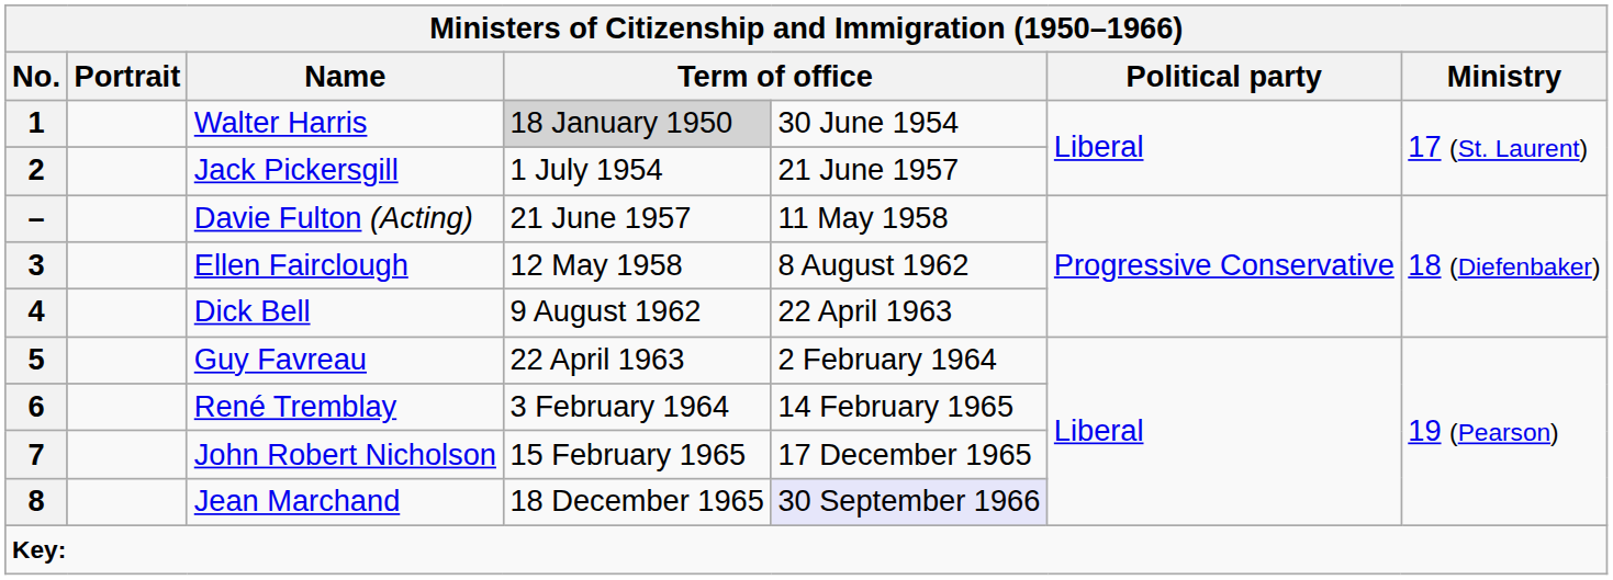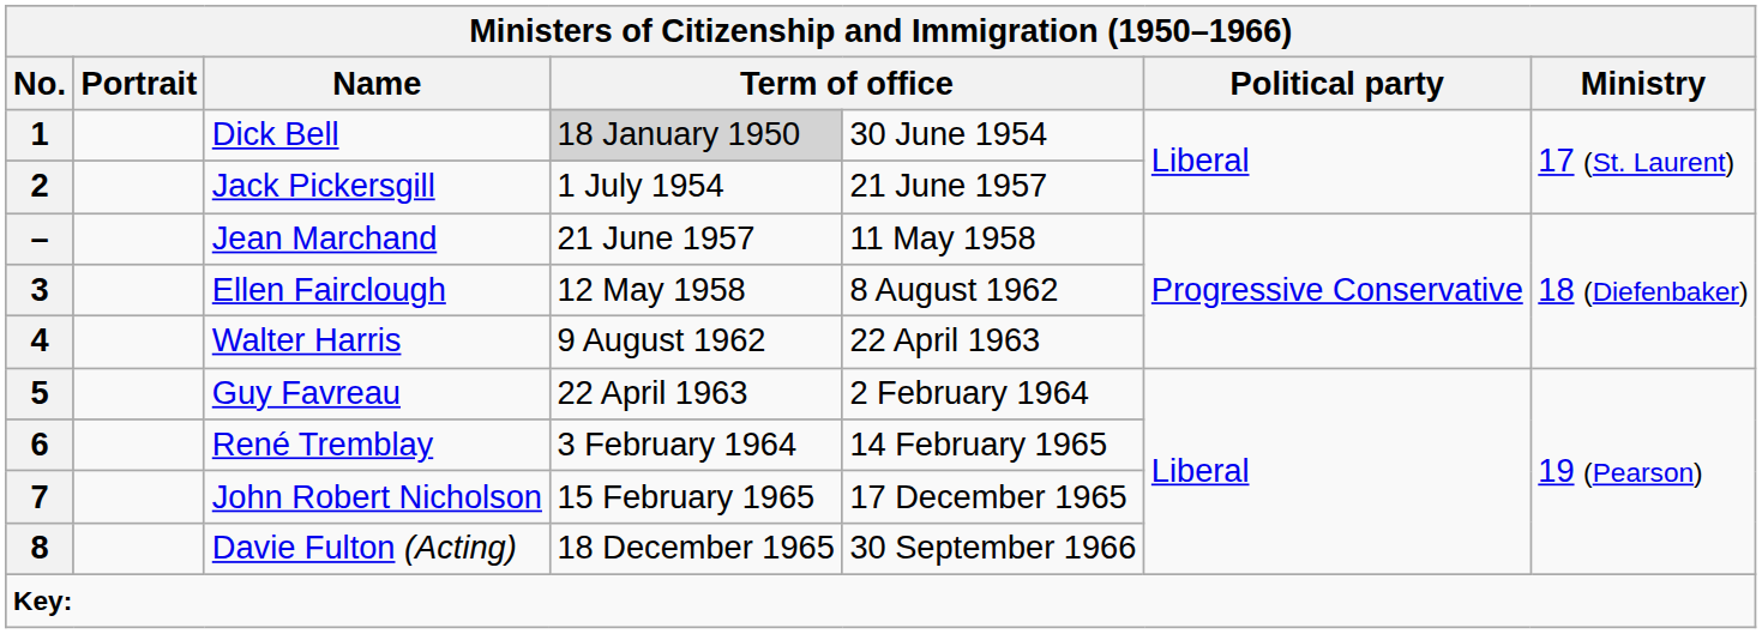 <table class="wikitable">
 <tr>
 <th colspan="7">Ministers of Citizenship and Immigration (1950–1966)</th>
 </tr>
 <tr>
 <th>No.</th>
 <th>Portrait</th>
 <th>Name</th>
 <th colspan="2">Term of office</th>
 <th>Political party</th>
 <th>Ministry</th>
 </tr>
 <tr>
 <th style="background:">1</th>
 <td></td>
-<td><a href='#'>Walter Harris</a></td>
+<td><a href='#'>Dick Bell</a></td>
 <td style="background: lightgrey;">18 January 1950</td>
 <td>30 June 1954</td>
 <td rowspan="2"><a href='#'>Liberal</a></td>
 <td rowspan="2"><a href='#'>17</a> <small>(<a href='#'>St. Laurent</a>)</small></td>
 </tr>
 <tr>
 <th style="background:">2</th>
 <td></td>
 <td><a href='#'>Jack Pickersgill</a></td>
 <td>1 July 1954</td>
 <td>21 June 1957</td>
 </tr>
 <tr>
 <th style="background:">–</th>
 <td></td>
-<td><a href='#'>Davie Fulton</a> <em>(Acting)</em></td>
+<td><a href='#'>Jean Marchand</a></td>
 <td>21 June 1957</td>
 <td>11 May 1958</td>
 <td rowspan="3"><a href='#'>Progressive Conservative</a></td>
 <td rowspan="3"><a href='#'>18</a> <small>(<a href='#'>Diefenbaker</a>)</small></td>
 </tr>
 <tr>
 <th style="background:">3</th>
 <td></td>
 <td><a href='#'>Ellen Fairclough</a></td>
 <td>12 May 1958</td>
 <td>8 August 1962</td>
 </tr>
 <tr>
 <th style="background:">4</th>
 <td></td>
-<td><a href='#'>Dick Bell</a></td>
+<td><a href='#'>Walter Harris</a></td>
 <td>9 August 1962</td>
 <td>22 April 1963</td>
 </tr>
 <tr>
 <th style="background:">5</th>
 <td></td>
 <td><a href='#'>Guy Favreau</a></td>
 <td>22 April 1963</td>
 <td>2 February 1964</td>
 <td rowspan="4"><a href='#'>Liberal</a></td>
 <td rowspan="4"><a href='#'>19</a> <small>(<a href='#'>Pearson</a>)</small></td>
 </tr>
 <tr>
 <th style="background:">6</th>
 <td></td>
 <td><a href='#'>René Tremblay</a></td>
 <td>3 February 1964</td>
 <td>14 February 1965</td>
 </tr>
 <tr>
 <th style="background:">7</th>
 <td></td>
 <td><a href='#'>John Robert Nicholson</a></td>
 <td>15 February 1965</td>
 <td>17 December 1965</td>
 </tr>
 <tr>
 <th style="background:">8</th>
 <td></td>
-<td><a href='#'>Jean Marchand</a></td>
+<td><a href='#'>Davie Fulton</a> <em>(Acting)</em></td>
 <td>18 December 1965</td>
-<td style="background: lavender;">30 September 1966</td>
+<td>30 September 1966</td>
 </tr>
 <tr>
 <td colspan="7"><small><strong>Key:</strong></small></td>
 </tr>
 </table>
